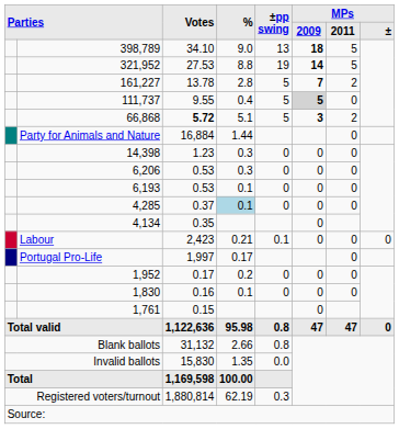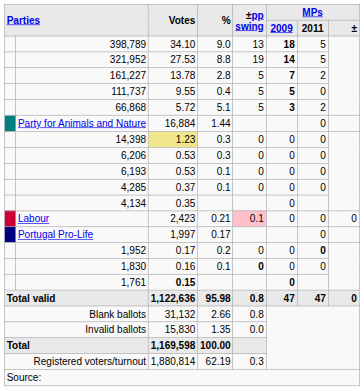 <table class="wikitable" style="text-align:right; font-size:95%;">
 <tr>
 <th rowspan="2" colspan="2" style="background:#e9e9e9; text-align:left;" alignleft><a href='#'>Parties</a></th>
 <th rowspan="2" style="background:#e9e9e9; text-align:right;">Votes</th>
 <th rowspan="2" style="background:#e9e9e9; text-align:right;">%</th>
 <th rowspan="2" style="background:#e9e9e9; text-align:right;">±<a href='#'>pp</a> <a href='#'>swing</a></th>
 <th colspan="3" style="background:#e9e9e9; text-align:center;"><a href='#'>MPs</a></th>
 </tr>
 <tr style="background-color:#E9E9E9">
 <th style="background-color:#E9E9E9;text-align:center;"><a href='#'>2009</a></th>
 <th style="background-color:#E9E9E9;text-align:center;">2011</th>
 <th style="background:#e9e9e9; text-align:right;">±</th>
 </tr>
 <tr>
 <td></td>
 <td>398,789</td>
 <td>34.10</td>
 <td>9.0</td>
 <td>13</td>
 <td><strong>18</strong></td>
 <td>5</td>
 </tr>
 <tr>
 <td></td>
 <td>321,952</td>
 <td>27.53</td>
 <td>8.8</td>
 <td>19</td>
 <td><strong>14</strong></td>
 <td>5</td>
 </tr>
 <tr>
 <td></td>
 <td>161,227</td>
 <td>13.78</td>
 <td>2.8</td>
 <td>5</td>
 <td><strong>7</strong></td>
 <td>2</td>
 </tr>
 <tr>
 <td></td>
 <td>111,737</td>
 <td>9.55</td>
 <td>0.4</td>
 <td>5</td>
-<td style="background: lightgrey;"><strong>5</strong></td>
+<td><strong>5</strong></td>
 <td>0</td>
 </tr>
 <tr>
 <td></td>
 <td>66,868</td>
-<td><strong>5.72</strong></td>
+<td>5.72</td>
 <td>5.1</td>
 <td>5</td>
 <td><strong>3</strong></td>
 <td>2</td>
 </tr>
 <tr>
 <td style="width: 10px" bgcolor="teal" align="center"></td>
 <td align="left"><a href='#'>Party for Animals and Nature</a></td>
 <td>16,884</td>
 <td>1.44</td>
 <td></td>
 <td></td>
 <td>0</td>
 <td></td>
 </tr>
 <tr>
 <td></td>
 <td>14,398</td>
-<td>1.23</td>
+<td style="background: khaki;">1.23</td>
 <td>0.3</td>
 <td>0</td>
 <td>0</td>
 <td>0</td>
 </tr>
 <tr>
 <td></td>
 <td>6,206</td>
 <td>0.53</td>
 <td>0.3</td>
 <td>0</td>
 <td>0</td>
 <td>0</td>
 </tr>
 <tr>
 <td></td>
 <td>6,193</td>
 <td>0.53</td>
 <td>0.1</td>
 <td>0</td>
 <td>0</td>
 <td>0</td>
 </tr>
 <tr>
 <td></td>
 <td>4,285</td>
 <td>0.37</td>
-<td style="background: lightblue;">0.1</td>
+<td>0.1</td>
 <td>0</td>
 <td>0</td>
 <td>0</td>
 </tr>
 <tr>
 <td></td>
 <td>4,134</td>
 <td>0.35</td>
 <td></td>
 <td></td>
 <td>0</td>
 <td></td>
 </tr>
 <tr>
 <td style="width: 10px" bgcolor=#CC0033 align="center"></td>
 <td align=left><a href='#'>Labour</a></td>
 <td>2,423</td>
 <td>0.21</td>
-<td>0.1</td>
+<td style="background: pink;">0.1</td>
 <td>0</td>
 <td>0</td>
 <td>0</td>
 </tr>
 <tr>
 <td style="width:10px;background-color:#000080;text-align:center;"></td>
 <td style="text-align:left;"><a href='#'>Portugal Pro-Life</a></td>
 <td>1,997</td>
 <td>0.17</td>
 <td></td>
 <td></td>
 <td>0</td>
 <td></td>
 </tr>
 <tr>
 <td></td>
 <td>1,952</td>
 <td>0.17</td>
 <td>0.2</td>
 <td>0</td>
 <td>0</td>
-<td>0</td>
+<td><strong>0</strong></td>
 </tr>
 <tr>
 <td></td>
 <td>1,830</td>
 <td>0.16</td>
 <td>0.1</td>
-<td>0</td>
+<td><strong>0</strong></td>
 <td>0</td>
 <td>0</td>
 </tr>
 <tr>
 <td></td>
 <td>1,761</td>
-<td>0.15</td>
+<td><strong>0.15</strong></td>
 <td></td>
 <td></td>
-<td>0</td>
+<td><strong>0</strong></td>
 <td></td>
 </tr>
 <tr>
 <td colspan=2 align=left style="background-color:#E9E9E9"><strong>Total valid</strong></td>
 <td width="65" align="right" style="background-color:#E9E9E9"><strong>1,122,636</strong></td>
 <td width="40" align="right" style="background-color:#E9E9E9"><strong>95.98</strong></td>
 <td width="40" align="right" style="background-color:#E9E9E9"><strong>0.8</strong></td>
 <td width="40" align="right" style="background-color:#E9E9E9"><strong>47</strong></td>
 <td width="40" align="right" style="background-color:#E9E9E9"><strong>47</strong></td>
 <td width="40" align="right" style="background-color:#E9E9E9"><strong>0</strong></td>
 </tr>
 <tr>
 <td colspan=2>Blank ballots</td>
 <td>31,132</td>
 <td>2.66</td>
 <td>0.8</td>
 <td colspan=4 rowspan=4></td>
 </tr>
 <tr>
 <td colspan=2>Invalid ballots</td>
 <td>15,830</td>
 <td>1.35</td>
 <td>0.0</td>
 </tr>
 <tr>
 <td colspan=2 align=left style="background-color:#E9E9E9"><strong>Total</strong></td>
 <td width="50" align="right" style="background-color:#E9E9E9"><strong>1,169,598</strong></td>
 <td width="40" align="right" style="background-color:#E9E9E9"><strong>100.00</strong></td>
 <td width="40" align="right" style="background-color:#E9E9E9"></td>
 </tr>
 <tr>
 <td colspan=2>Registered voters/turnout</td>
 <td>1,880,814</td>
 <td>62.19</td>
 <td>0.3</td>
 </tr>
 <tr>
 <td colspan=11 align=left>Source: </td>
 </tr>
 </table>
